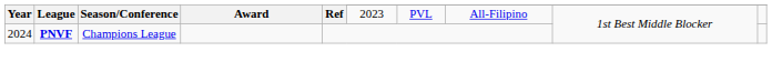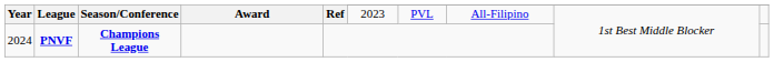 <table class="wikitable sortable" style="text-align:center" width="80%">
 <tr>
 <th style="width:5px;" rowspan="2">Year</th>
 <th style="width:25px;" rowspan="2">League</th>
 <th style="width:100px;" rowspan="2">Season/Conference</th>
 <th style="width:180px;" rowspan="2">Award</th>
 <th style="width:25px;" rowspan="2">Ref</th>
 </tr>
 <tr align=center>
 <td>2023</td>
 <td><a href='#'>PVL</a></td>
 <td><a href='#'>All-Filipino</a></td>
 <td rowspan="2"><em>1st Best Middle Blocker</em></td>
 <td></td>
 </tr>
 <tr align=center>
 <td>2024</td>
 <td><strong><a href='#'>PNVF</a></strong></td>
-<td><a href='#'>Champions League</a></td>
+<td><strong><a href='#'>Champions League</a></strong></td>
 <td></td>
 </tr>
 </table>
